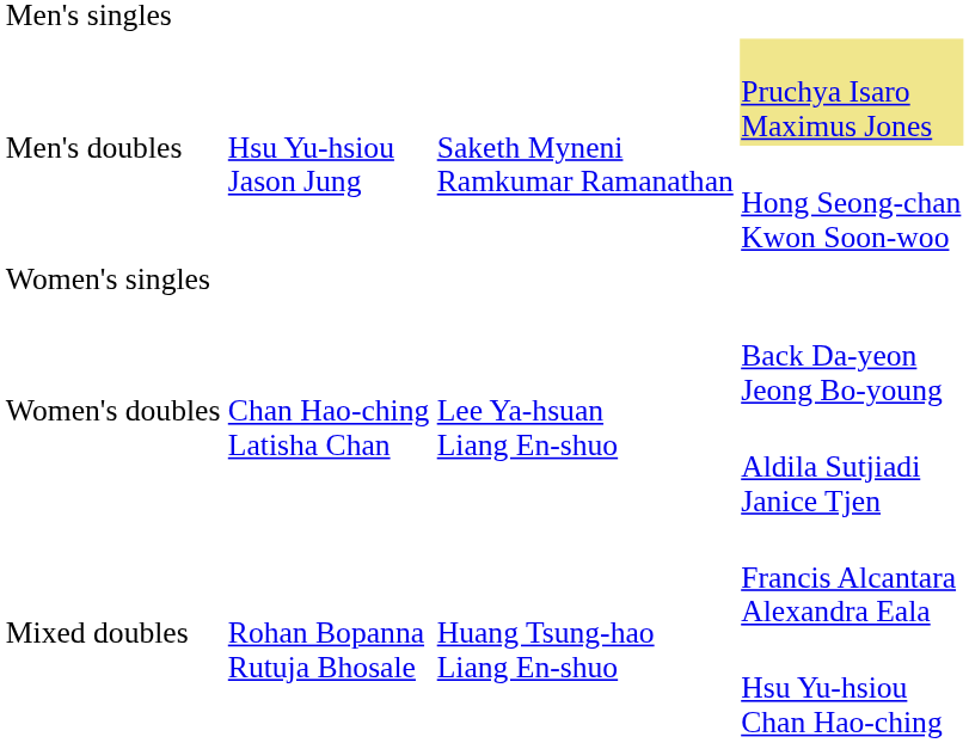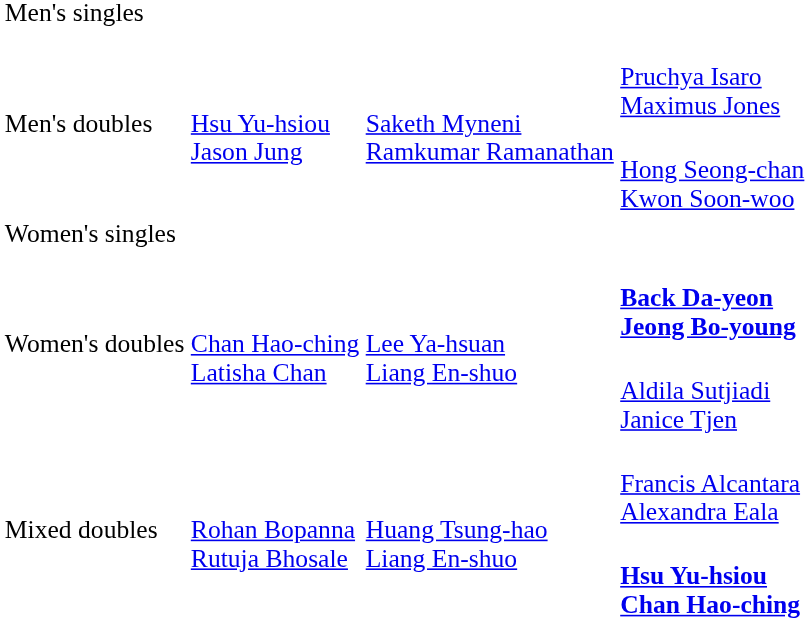 <table>
 <tr>
 <td rowspan=2>Men's singles<br></td>
 <td rowspan=2></td>
 <td rowspan=2></td>
 <td></td>
 </tr>
 <tr>
 <td></td>
 </tr>
 <tr>
 <td rowspan=2>Men's doubles<br></td>
 <td rowspan=2><br><a href='#'>Hsu Yu-hsiou</a><br><a href='#'>Jason Jung</a></td>
 <td rowspan=2><br><a href='#'>Saketh Myneni</a><br><a href='#'>Ramkumar Ramanathan</a></td>
-<td style="background: khaki;"><br><a href='#'>Pruchya Isaro</a><br><a href='#'>Maximus Jones</a></td>
+<td><br><a href='#'>Pruchya Isaro</a><br><a href='#'>Maximus Jones</a></td>
 </tr>
 <tr>
 <td><br><a href='#'>Hong Seong-chan</a><br><a href='#'>Kwon Soon-woo</a></td>
 </tr>
 <tr>
 <td rowspan=2>Women's singles<br></td>
 <td rowspan=2></td>
 <td rowspan=2></td>
 <td></td>
 </tr>
 <tr>
 <td></td>
 </tr>
 <tr>
 <td rowspan=2>Women's doubles<br></td>
 <td rowspan=2><br><a href='#'>Chan Hao-ching</a><br><a href='#'>Latisha Chan</a></td>
 <td rowspan=2><br><a href='#'>Lee Ya-hsuan</a><br><a href='#'>Liang En-shuo</a></td>
-<td><br><a href='#'>Back Da-yeon</a><br><a href='#'>Jeong Bo-young</a></td>
+<td><strong><br><a href='#'>Back Da-yeon</a><br><a href='#'>Jeong Bo-young</a></strong></td>
 </tr>
 <tr>
 <td><br><a href='#'>Aldila Sutjiadi</a><br><a href='#'>Janice Tjen</a></td>
 </tr>
 <tr>
 <td rowspan=2>Mixed doubles<br></td>
 <td rowspan=2><br><a href='#'>Rohan Bopanna</a><br><a href='#'>Rutuja Bhosale</a></td>
 <td rowspan=2><br><a href='#'>Huang Tsung-hao</a><br><a href='#'>Liang En-shuo</a></td>
 <td><br><a href='#'>Francis Alcantara</a><br><a href='#'>Alexandra Eala</a></td>
 </tr>
 <tr>
-<td><br><a href='#'>Hsu Yu-hsiou</a><br><a href='#'>Chan Hao-ching</a></td>
+<td><strong><br><a href='#'>Hsu Yu-hsiou</a><br><a href='#'>Chan Hao-ching</a></strong></td>
 </tr>
 </table>
